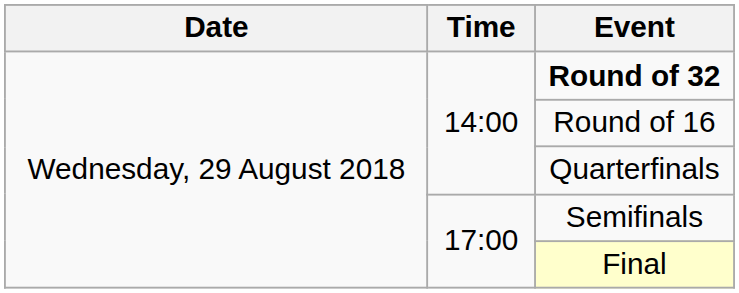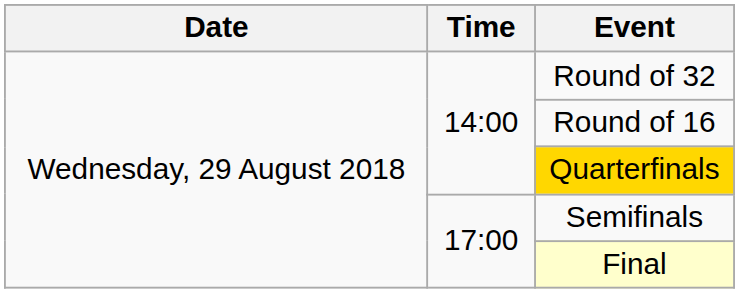 <table class = "wikitable" style="text-align:center;">
 <tr>
 <th width=220>Date</th>
 <th width=50>Time</th>
 <th width=100>Event</th>
 </tr>
 <tr>
 <td rowspan=5>Wednesday, 29 August 2018</td>
 <td rowspan=3>14:00</td>
-<td><strong>Round of 32</strong></td>
+<td>Round of 32</td>
 </tr>
 <tr>
 <td>Round of 16</td>
 </tr>
 <tr>
-<td>Quarterfinals</td>
+<td style="background: gold;">Quarterfinals</td>
 </tr>
 <tr>
 <td rowspan=2>17:00</td>
 <td>Semifinals</td>
 </tr>
 <tr>
 <td bgcolor=ffffcc>Final</td>
 </tr>
 </table>
